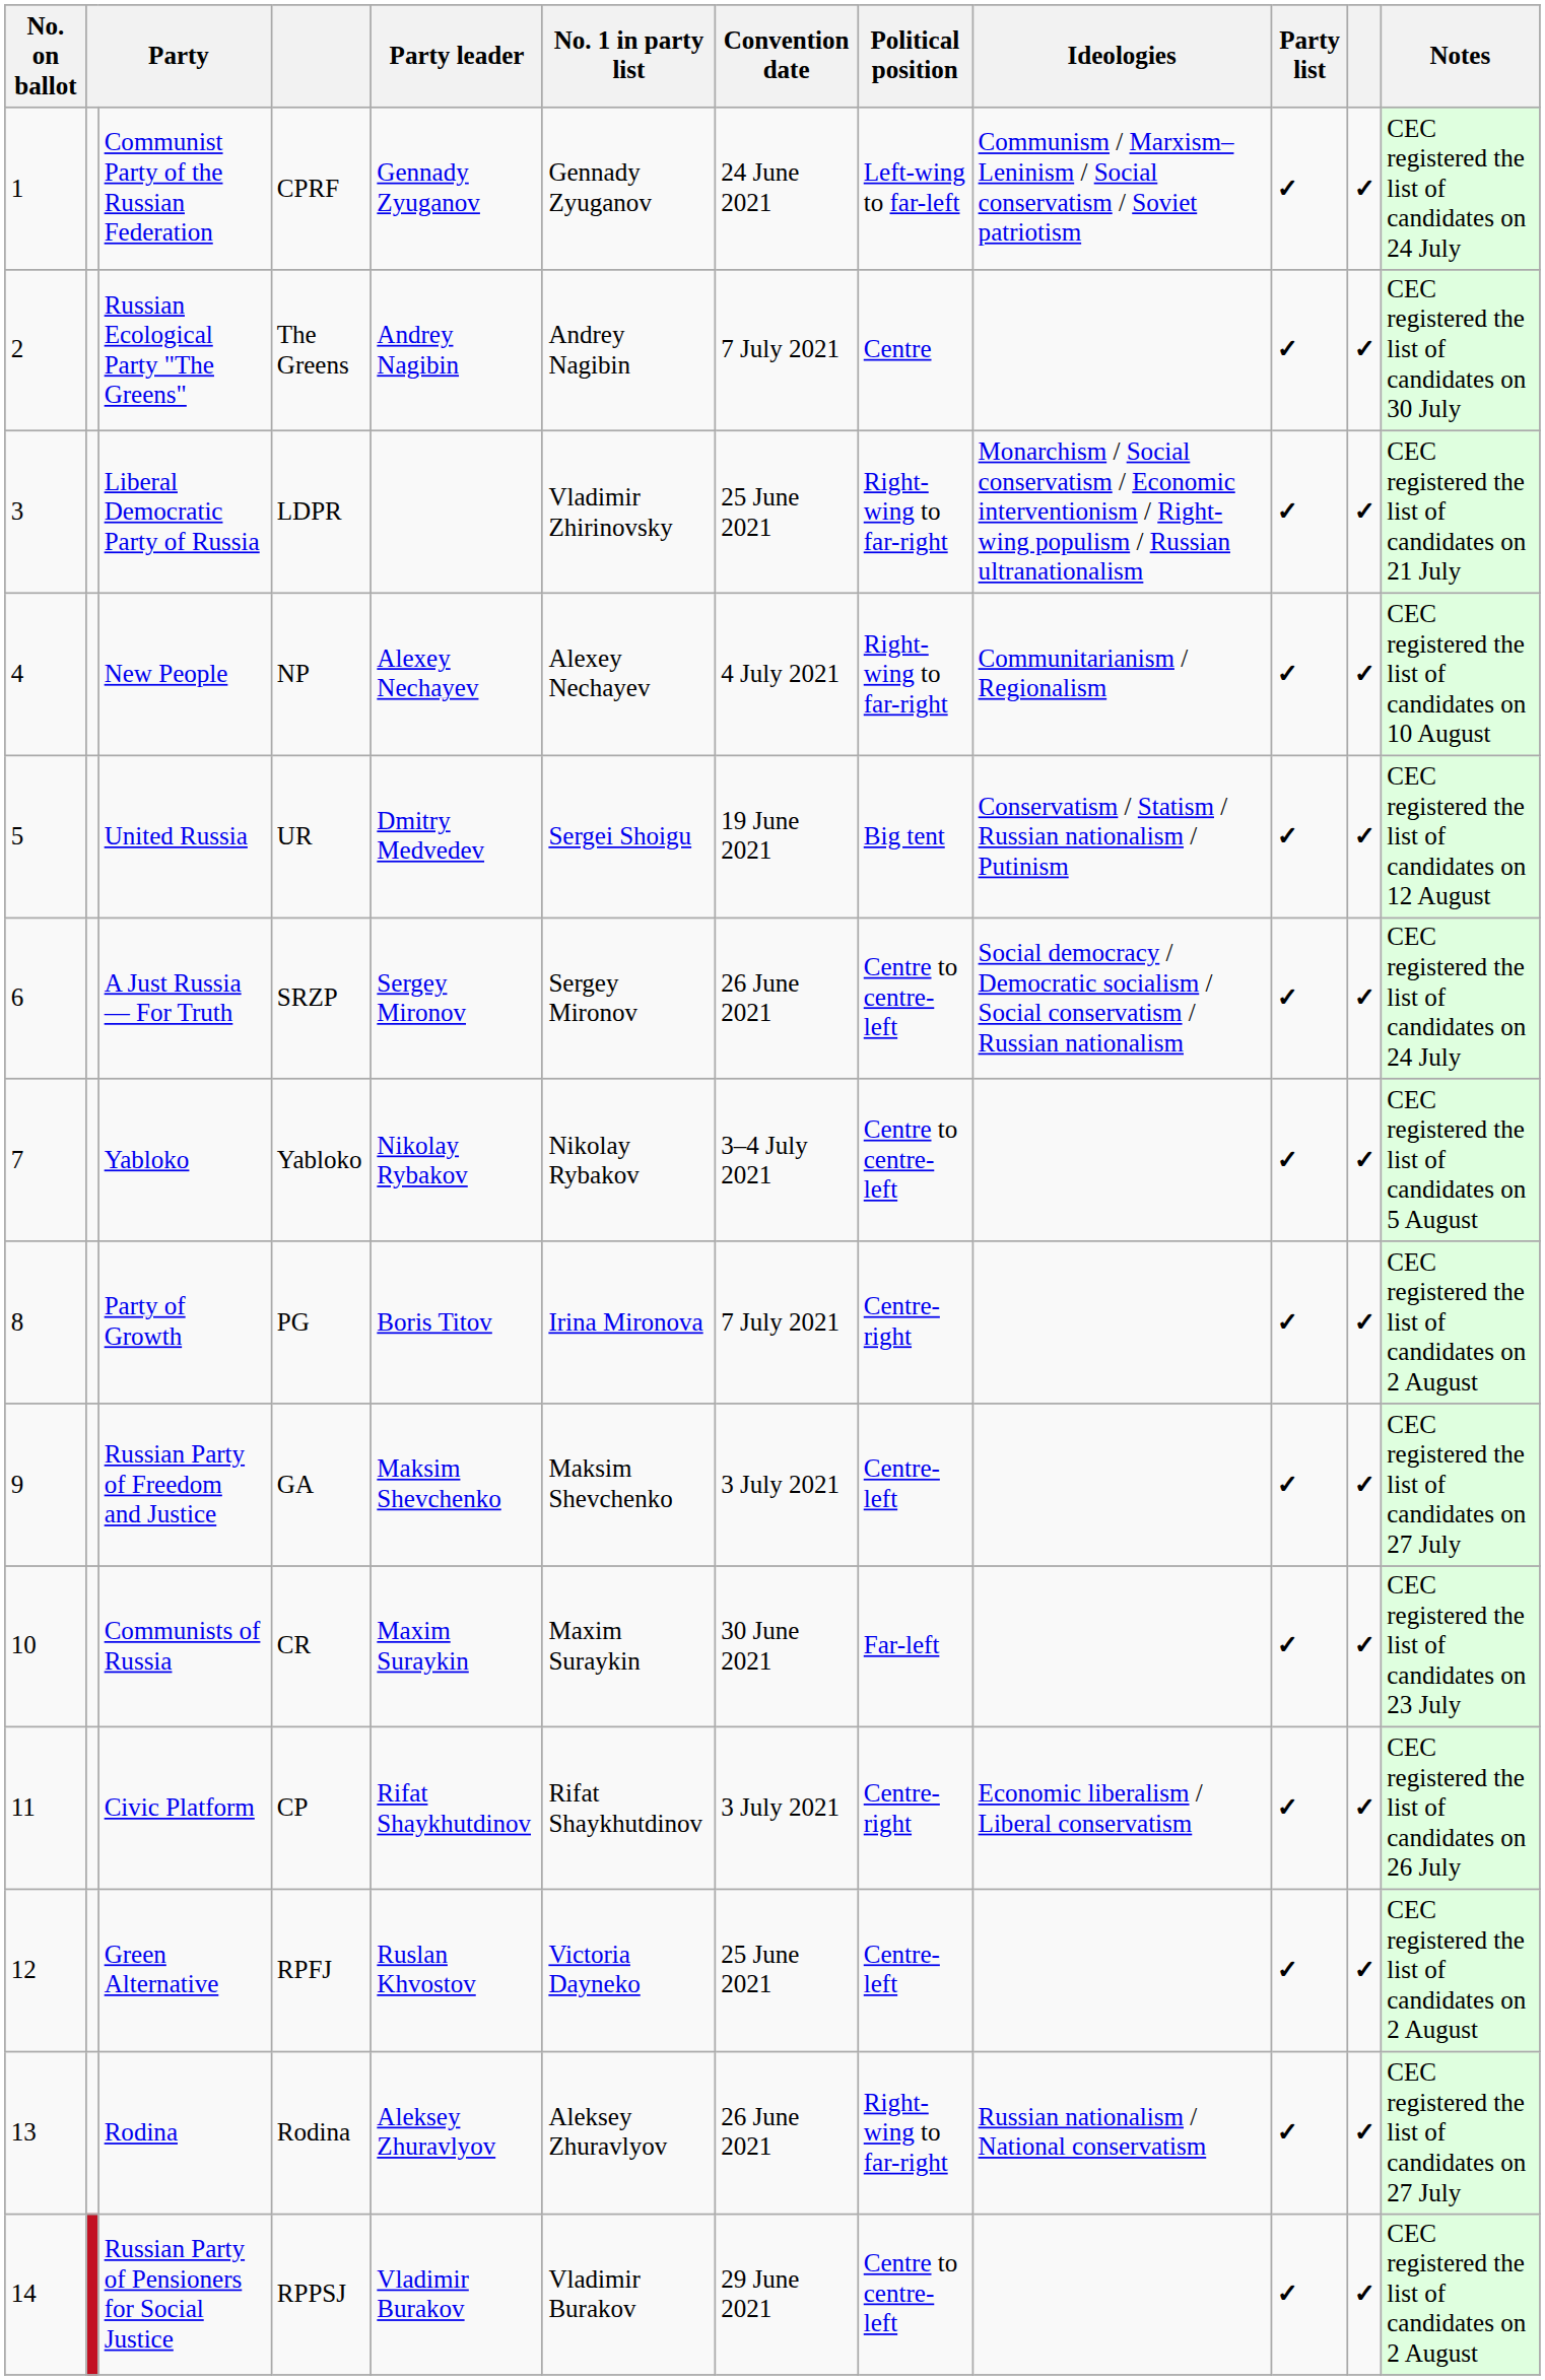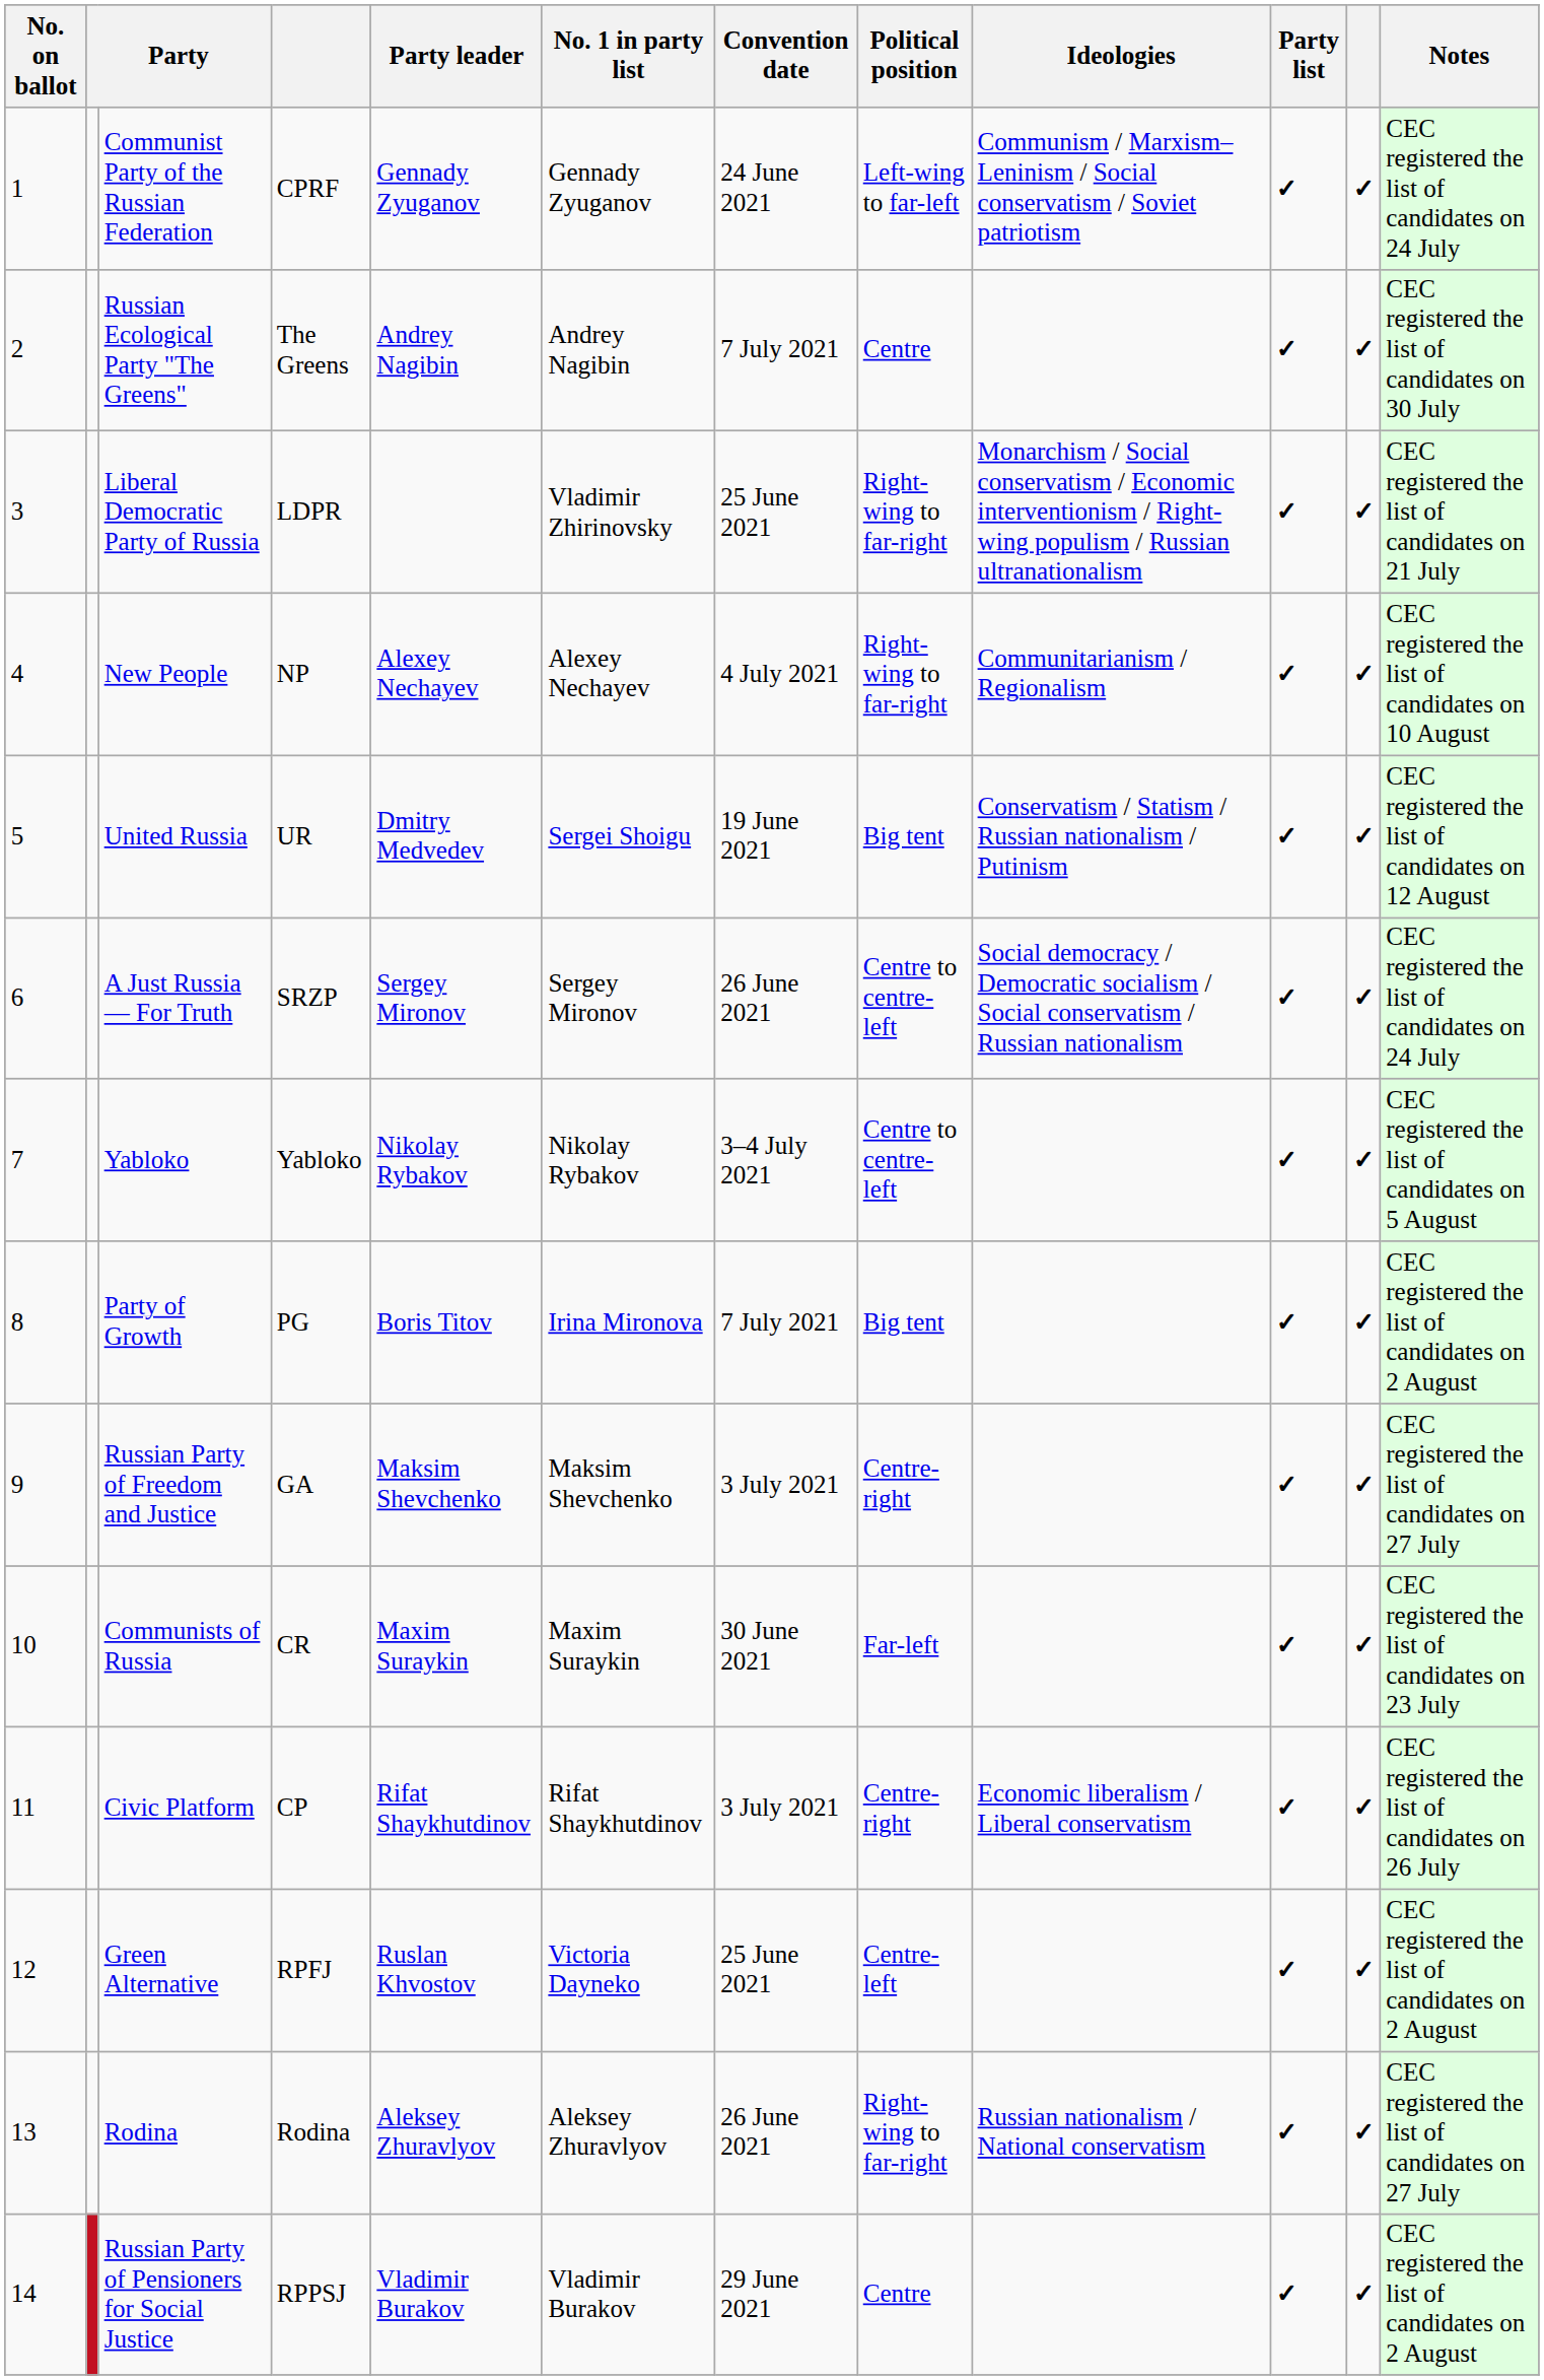 <table class="wikitable" style="font-size:90%">
 <tr>
 <th>No. on ballot</th>
 <th colspan=2>Party</th>
 <th></th>
 <th>Party leader</th>
 <th>No. 1 in party list</th>
 <th>Convention date</th>
 <th>Political position</th>
 <th>Ideologies</th>
 <th>Party list</th>
 <th></th>
 <th>Notes</th>
 </tr>
 <tr>
 <td>1</td>
 <td style="background: "></td>
 <td><a href='#'>Communist Party of the Russian Federation</a></td>
 <td>CPRF</td>
 <td><a href='#'>Gennady Zyuganov</a></td>
 <td>Gennady Zyuganov</td>
 <td>24 June 2021</td>
 <td><a href='#'>Left-wing</a> to <a href='#'>far-left</a></td>
 <td><a href='#'>Communism</a> / <a href='#'>Marxism–Leninism</a> / <a href='#'>Social conservatism</a> / <a href='#'>Soviet patriotism</a></td>
 <td><strong>✓</strong></td>
 <td><strong>✓</strong></td>
 <td style="background:#dfffdf;">CEC registered the list of candidates on 24 July</td>
 </tr>
 <tr>
 <td>2</td>
 <td style="background: "></td>
 <td><a href='#'>Russian Ecological Party "The Greens"</a></td>
 <td>The Greens</td>
 <td><a href='#'>Andrey Nagibin</a></td>
 <td>Andrey Nagibin</td>
 <td>7 July 2021</td>
 <td><a href='#'>Centre</a></td>
 <td></td>
 <td><strong>✓</strong></td>
 <td><strong>✓</strong></td>
 <td style="background:#dfffdf;">CEC registered the list of candidates on 30 July</td>
 </tr>
 <tr>
 <td>3</td>
 <td style="background: "></td>
 <td><a href='#'>Liberal Democratic Party of Russia</a></td>
 <td>LDPR</td>
 <td></td>
 <td>Vladimir Zhirinovsky</td>
 <td>25 June 2021</td>
 <td><a href='#'>Right-wing</a> to <a href='#'>far-right</a></td>
 <td><a href='#'>Monarchism</a> / <a href='#'>Social conservatism</a> / <a href='#'>Economic interventionism</a> / <a href='#'>Right-wing populism</a> / <a href='#'>Russian</a> <a href='#'>ultranationalism</a></td>
 <td><strong>✓</strong></td>
 <td><strong>✓</strong></td>
 <td style="background:#dfffdf;">CEC registered the list of candidates on 21 July</td>
 </tr>
 <tr>
 <td>4</td>
 <td style="background: "></td>
 <td><a href='#'>New People</a></td>
 <td>NP</td>
 <td><a href='#'>Alexey Nechayev</a></td>
 <td>Alexey Nechayev</td>
 <td>4 July 2021</td>
 <td><a href='#'>Right-wing</a> to <a href='#'>far-right</a></td>
 <td><a href='#'>Communitarianism</a> / <a href='#'>Regionalism</a></td>
 <td><strong>✓</strong></td>
 <td><strong>✓</strong></td>
 <td style="background:#dfffdf;">CEC registered the list of candidates on 10 August</td>
 </tr>
 <tr>
 <td>5</td>
 <td style="background: "></td>
 <td><a href='#'>United Russia</a></td>
 <td>UR</td>
 <td><a href='#'>Dmitry Medvedev</a></td>
 <td><a href='#'>Sergei Shoigu</a></td>
 <td>19 June 2021</td>
 <td><a href='#'>Big tent</a></td>
 <td><a href='#'>Conservatism</a> / <a href='#'>Statism</a> / <a href='#'>Russian nationalism</a> / <a href='#'>Putinism</a></td>
 <td><strong>✓</strong></td>
 <td><strong>✓</strong></td>
 <td style="background:#dfffdf;">CEC registered the list of candidates on 12 August</td>
 </tr>
 <tr>
 <td>6</td>
 <td style="background: "></td>
 <td><a href='#'>A Just Russia — For Truth</a></td>
 <td>SRZP</td>
 <td><a href='#'>Sergey Mironov</a></td>
 <td>Sergey Mironov</td>
 <td>26 June 2021</td>
 <td><a href='#'>Centre</a> to <a href='#'>centre-left</a></td>
 <td><a href='#'>Social democracy</a> / <a href='#'>Democratic socialism</a> / <a href='#'>Social conservatism</a> / <a href='#'>Russian nationalism</a></td>
 <td><strong>✓</strong></td>
 <td><strong>✓</strong></td>
 <td style="background:#dfffdf;">CEC registered the list of candidates on 24 July</td>
 </tr>
 <tr>
 <td>7</td>
 <td style="background: "></td>
 <td><a href='#'>Yabloko</a></td>
 <td>Yabloko</td>
 <td><a href='#'>Nikolay Rybakov</a></td>
 <td>Nikolay Rybakov</td>
 <td>3–4 July 2021</td>
 <td><a href='#'>Centre</a> to <a href='#'>centre-left</a></td>
 <td></td>
 <td><strong>✓</strong></td>
 <td><strong>✓</strong></td>
 <td style="background:#dfffdf;">CEC registered the list of candidates on 5 August</td>
 </tr>
 <tr>
 <td>8</td>
 <td style="background: "></td>
 <td><a href='#'>Party of Growth</a></td>
 <td>PG</td>
 <td><a href='#'>Boris Titov</a></td>
 <td><a href='#'>Irina Mironova</a></td>
 <td>7 July 2021</td>
-<td><a href='#'>Centre-right</a></td>
+<td><a href='#'>Big tent</a></td>
 <td></td>
 <td><strong>✓</strong></td>
 <td><strong>✓</strong></td>
 <td style="background:#dfffdf;">CEC registered the list of candidates on 2 August</td>
 </tr>
 <tr>
 <td>9</td>
 <td style="background: "></td>
 <td><a href='#'>Russian Party of Freedom and Justice</a></td>
 <td>GA</td>
 <td><a href='#'>Maksim Shevchenko</a></td>
 <td>Maksim Shevchenko</td>
 <td>3 July 2021</td>
-<td><a href='#'>Centre-left</a></td>
+<td><a href='#'>Centre-right</a></td>
 <td></td>
 <td><strong>✓</strong></td>
 <td><strong>✓</strong></td>
 <td style="background:#dfffdf;">CEC registered the list of candidates on 27 July</td>
 </tr>
 <tr>
 <td>10</td>
 <td style="background: "></td>
 <td><a href='#'>Communists of Russia</a></td>
 <td>CR</td>
 <td><a href='#'>Maxim Suraykin</a></td>
 <td>Maxim Suraykin</td>
 <td>30 June 2021</td>
 <td><a href='#'>Far-left</a></td>
 <td></td>
 <td><strong>✓</strong></td>
 <td><strong>✓</strong></td>
 <td style="background:#dfffdf;">CEC registered the list of candidates on 23 July</td>
 </tr>
 <tr>
 <td>11</td>
 <td style="background: "></td>
 <td><a href='#'>Civic Platform</a></td>
 <td>CP</td>
 <td><a href='#'>Rifat Shaykhutdinov</a></td>
 <td>Rifat Shaykhutdinov</td>
 <td>3 July 2021</td>
 <td><a href='#'>Centre-right</a></td>
 <td><a href='#'>Economic liberalism</a> / <a href='#'>Liberal conservatism</a></td>
 <td><strong>✓</strong></td>
 <td><strong>✓</strong></td>
 <td style="background:#dfffdf;">CEC registered the list of candidates on 26 July</td>
 </tr>
 <tr>
 <td>12</td>
 <td style="background: "></td>
 <td><a href='#'>Green Alternative</a></td>
 <td>RPFJ</td>
 <td><a href='#'>Ruslan Khvostov</a></td>
 <td><a href='#'>Victoria Dayneko</a></td>
 <td>25 June 2021</td>
 <td><a href='#'>Centre-left</a></td>
 <td></td>
 <td><strong>✓</strong></td>
 <td><strong>✓</strong></td>
 <td style="background:#dfffdf;">CEC registered the list of candidates on 2 August</td>
 </tr>
 <tr>
 <td>13</td>
 <td style="background: "></td>
 <td><a href='#'>Rodina</a></td>
 <td>Rodina</td>
 <td><a href='#'>Aleksey Zhuravlyov</a></td>
 <td>Aleksey Zhuravlyov</td>
 <td>26 June 2021</td>
 <td><a href='#'>Right-wing</a> to <a href='#'>far-right</a></td>
 <td><a href='#'>Russian nationalism</a> / <a href='#'>National conservatism</a></td>
 <td><strong>✓</strong></td>
 <td><strong>✓</strong></td>
 <td style="background:#dfffdf;">CEC registered the list of candidates on 27 July</td>
 </tr>
 <tr>
 <td>14</td>
 <td style="background: #C21022;"></td>
 <td><a href='#'>Russian Party of Pensioners for Social Justice</a></td>
 <td>RPPSJ</td>
 <td><a href='#'>Vladimir Burakov</a></td>
 <td>Vladimir Burakov</td>
 <td>29 June 2021</td>
-<td><a href='#'>Centre</a> to <a href='#'>centre-left</a></td>
+<td><a href='#'>Centre</a></td>
 <td></td>
 <td><strong>✓</strong></td>
 <td><strong>✓</strong></td>
 <td style="background:#dfffdf;">CEC registered the list of candidates on 2 August</td>
 </tr>
 </table>
